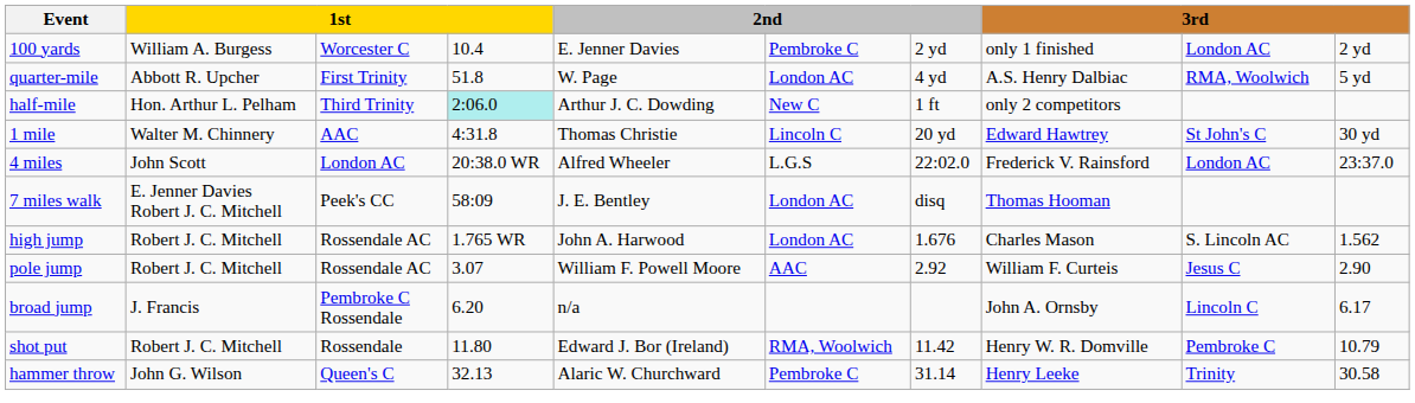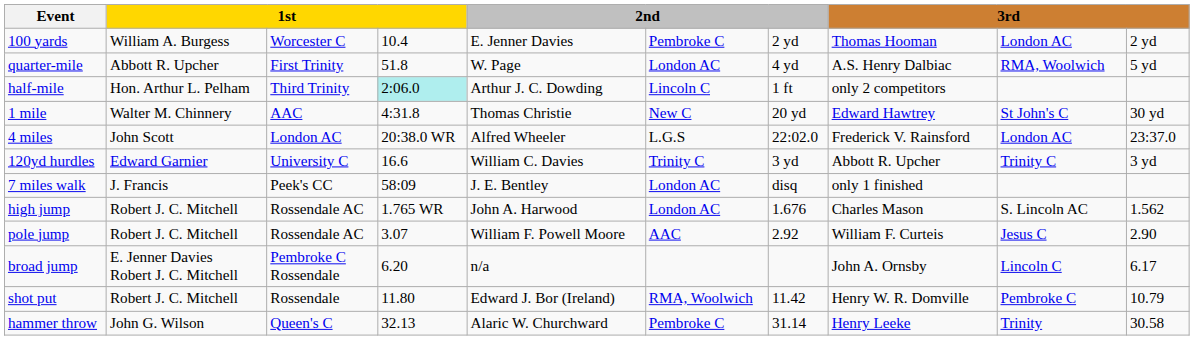 <table class="wikitable" style="text-align:left">
 <tr>
 <th width=100>Event</th>
 <th colspan="3" width="380" style="background:gold;">1st</th>
 <th colspan="3" width="380" style="background:silver;">2nd</th>
 <th colspan="3" width="380" style="background:#CD7F32;">3rd</th>
 </tr>
 <tr>
 <td><a href='#'>100 yards</a></td>
 <td>William A. Burgess</td>
 <td><a href='#'>Worcester C</a></td>
 <td>10.4</td>
 <td>E. Jenner Davies</td>
 <td><a href='#'>Pembroke C</a></td>
 <td>2 yd</td>
-<td>only 1 finished</td>
+<td><a href='#'>Thomas Hooman</a></td>
 <td><a href='#'>London AC</a></td>
 <td>2 yd</td>
 </tr>
 <tr>
 <td><a href='#'>quarter-mile</a></td>
 <td>Abbott R. Upcher</td>
 <td><a href='#'>First Trinity</a></td>
 <td>51.8</td>
 <td>W. Page</td>
 <td><a href='#'>London AC</a></td>
 <td>4 yd</td>
 <td>A.S. Henry Dalbiac</td>
 <td><a href='#'>RMA, Woolwich</a></td>
 <td>5 yd</td>
 </tr>
 <tr>
 <td><a href='#'>half-mile</a></td>
 <td>Hon. Arthur L. Pelham</td>
 <td><a href='#'>Third Trinity</a></td>
 <td style="background: paleturquoise;">2:06.0</td>
 <td>Arthur J. C. Dowding</td>
-<td><a href='#'>New C</a></td>
+<td><a href='#'>Lincoln C</a></td>
 <td>1 ft</td>
 <td>only 2 competitors</td>
 <td></td>
 <td></td>
 </tr>
 <tr>
 <td><a href='#'>1 mile</a></td>
 <td>Walter M. Chinnery</td>
 <td><a href='#'>AAC</a></td>
 <td>4:31.8</td>
 <td>Thomas Christie</td>
-<td><a href='#'>Lincoln C</a></td>
+<td><a href='#'>New C</a></td>
 <td>20 yd</td>
 <td><a href='#'>Edward Hawtrey</a></td>
 <td><a href='#'>St John's C</a></td>
 <td>30 yd</td>
 </tr>
 <tr>
 <td><a href='#'>4 miles</a></td>
 <td>John Scott</td>
 <td><a href='#'>London AC</a></td>
 <td>20:38.0 WR</td>
 <td>Alfred Wheeler</td>
 <td>L.G.S</td>
 <td>22:02.0</td>
 <td>Frederick V. Rainsford</td>
 <td><a href='#'>London AC</a></td>
 <td>23:37.0</td>
 </tr>
 <tr>
+<td><a href='#'>120yd hurdles</a></td>
+<td><a href='#'>Edward Garnier</a></td>
+<td><a href='#'>University C</a></td>
+<td>16.6</td>
+<td>William C. Davies</td>
+<td><a href='#'>Trinity C</a></td>
+<td>3 yd</td>
+<td>Abbott R. Upcher</td>
+<td><a href='#'>Trinity C</a></td>
+<td>3 yd</td>
+</tr>
+<tr>
 <td><a href='#'>7 miles walk</a></td>
-<td>E. Jenner Davies<br>Robert J. C. Mitchell</td>
+<td>J. Francis</td>
 <td>Peek's CC</td>
 <td>58:09</td>
 <td>J. E. Bentley</td>
 <td><a href='#'>London AC</a></td>
 <td>disq</td>
-<td><a href='#'>Thomas Hooman</a></td>
+<td>only 1 finished</td>
 <td></td>
 <td></td>
 </tr>
 <tr>
 <td><a href='#'>high jump</a></td>
 <td>Robert J. C. Mitchell</td>
 <td>Rossendale AC</td>
 <td>1.765 WR</td>
 <td>John A. Harwood</td>
 <td><a href='#'>London AC</a></td>
 <td>1.676</td>
 <td>Charles Mason</td>
 <td>S. Lincoln AC</td>
 <td>1.562</td>
 </tr>
 <tr>
 <td><a href='#'>pole jump</a></td>
 <td>Robert J. C. Mitchell</td>
 <td>Rossendale AC</td>
 <td>3.07</td>
 <td>William F. Powell Moore</td>
 <td><a href='#'>AAC</a></td>
 <td>2.92</td>
 <td>William F. Curteis</td>
 <td><a href='#'>Jesus C</a></td>
 <td>2.90</td>
 </tr>
 <tr>
 <td><a href='#'>broad jump</a></td>
-<td>J. Francis</td>
+<td>E. Jenner Davies<br>Robert J. C. Mitchell</td>
 <td><a href='#'>Pembroke C</a> <br>Rossendale</td>
 <td>6.20</td>
 <td>n/a</td>
 <td></td>
 <td></td>
 <td>John A. Ornsby</td>
 <td><a href='#'>Lincoln C</a></td>
 <td>6.17</td>
 </tr>
 <tr>
 <td><a href='#'>shot put</a></td>
 <td>Robert J. C. Mitchell</td>
 <td>Rossendale</td>
 <td>11.80</td>
 <td>Edward J. Bor (Ireland)</td>
 <td><a href='#'>RMA, Woolwich</a></td>
 <td>11.42</td>
 <td>Henry W. R. Domville</td>
 <td><a href='#'>Pembroke C</a></td>
 <td>10.79</td>
 </tr>
 <tr>
 <td><a href='#'>hammer throw</a></td>
 <td>John G. Wilson</td>
 <td><a href='#'>Queen's C</a></td>
 <td>32.13</td>
 <td>Alaric W. Churchward</td>
 <td><a href='#'>Pembroke C</a></td>
 <td>31.14</td>
 <td><a href='#'>Henry Leeke</a></td>
 <td><a href='#'>Trinity</a></td>
 <td>30.58</td>
 </tr>
 </table>
